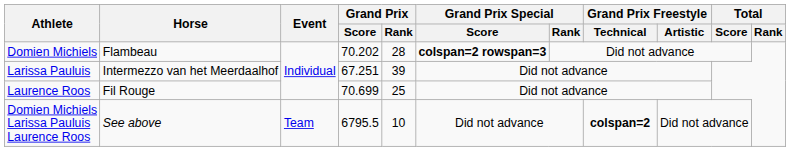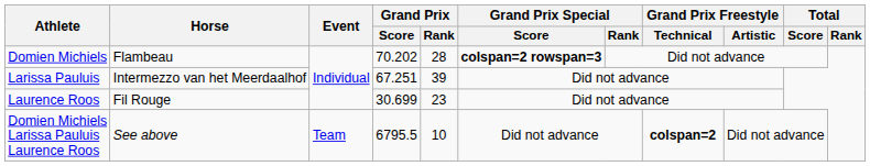 <table class=wikitable style=font-size:90%;>
 <tr>
 <th rowspan="2">Athlete</th>
 <th rowspan="2">Horse</th>
 <th rowspan="2">Event</th>
 <th colspan="2">Grand Prix</th>
 <th colspan="2">Grand Prix Special</th>
 <th colspan="2">Grand Prix Freestyle</th>
 <th colspan="2">Total</th>
 </tr>
 <tr style="font-size:95%">
 <th>Score</th>
 <th>Rank</th>
 <th>Score</th>
 <th>Rank</th>
 <th>Technical</th>
 <th>Artistic</th>
 <th>Score</th>
 <th>Rank</th>
 </tr>
 <tr align=center>
 <td align=left><a href='#'>Domien Michiels</a></td>
 <td align=left>Flambeau</td>
 <td rowspan=3 align=left><a href='#'>Individual</a></td>
 <td>70.202</td>
 <td>28</td>
 <td><strong>colspan=2 rowspan=3 </strong></td>
 <td colspan=4>Did not advance</td>
 </tr>
 <tr align=center>
 <td align=left><a href='#'>Larissa Pauluis</a></td>
 <td align=left>Intermezzo van het Meerdaalhof</td>
 <td>67.251</td>
 <td>39</td>
 <td colspan=4>Did not advance</td>
 </tr>
 <tr align=center>
 <td align=left><a href='#'>Laurence Roos</a></td>
 <td align=left>Fil Rouge</td>
-<td>70.699</td>
-<td>25</td>
+<td>30.699</td>
+<td>23</td>
 <td colspan=4>Did not advance</td>
 </tr>
 <tr align=center>
 <td align=left><a href='#'>Domien Michiels</a><br><a href='#'>Larissa Pauluis</a><br><a href='#'>Laurence Roos</a></td>
 <td align=left><em>See above</em></td>
 <td align=left><a href='#'>Team</a></td>
 <td>6795.5</td>
 <td>10</td>
 <td colspan=2>Did not advance</td>
 <td><strong>colspan=2 </strong></td>
 <td colspan=2>Did not advance</td>
 </tr>
 </table>
